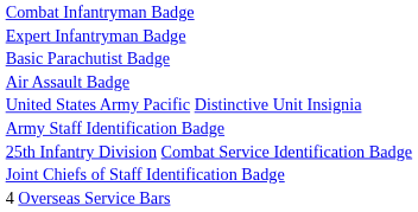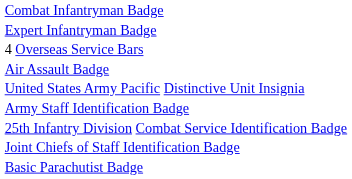 <table>
 <tr>
 <td> <a href='#'>Combat Infantryman Badge</a></td>
 </tr>
 <tr>
 <td> <a href='#'>Expert Infantryman Badge</a></td>
 </tr>
 <tr>
-<td> <a href='#'>Basic Parachutist Badge</a></td>
+<td> 4 <a href='#'>Overseas Service Bars</a></td>
 </tr>
 <tr>
 <td> <a href='#'>Air Assault Badge</a></td>
 </tr>
 <tr>
 <td> <a href='#'>United States Army Pacific</a> <a href='#'>Distinctive Unit Insignia</a></td>
 </tr>
 <tr>
 <td> <a href='#'>Army Staff Identification Badge</a></td>
 </tr>
 <tr>
 <td> <a href='#'>25th Infantry Division</a> <a href='#'>Combat Service Identification Badge</a></td>
 </tr>
 <tr>
 <td> <a href='#'>Joint Chiefs of Staff Identification Badge</a></td>
 </tr>
 <tr>
-<td> 4 <a href='#'>Overseas Service Bars</a></td>
+<td> <a href='#'>Basic Parachutist Badge</a></td>
 </tr>
 </table>
